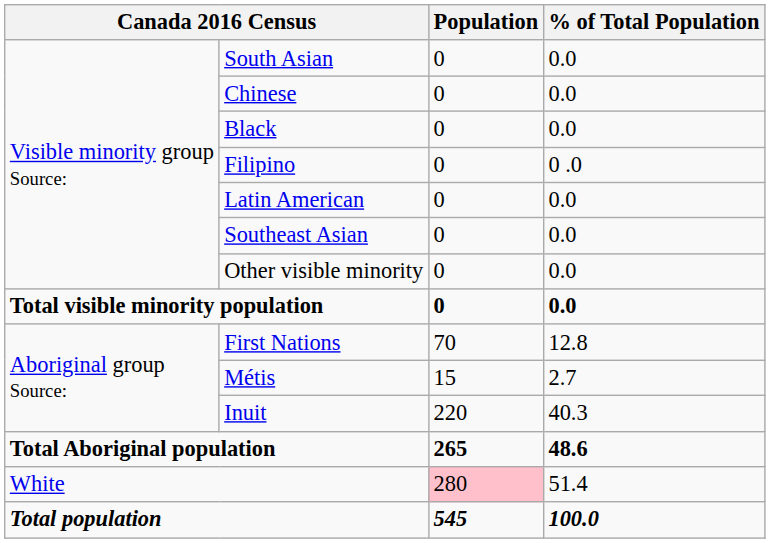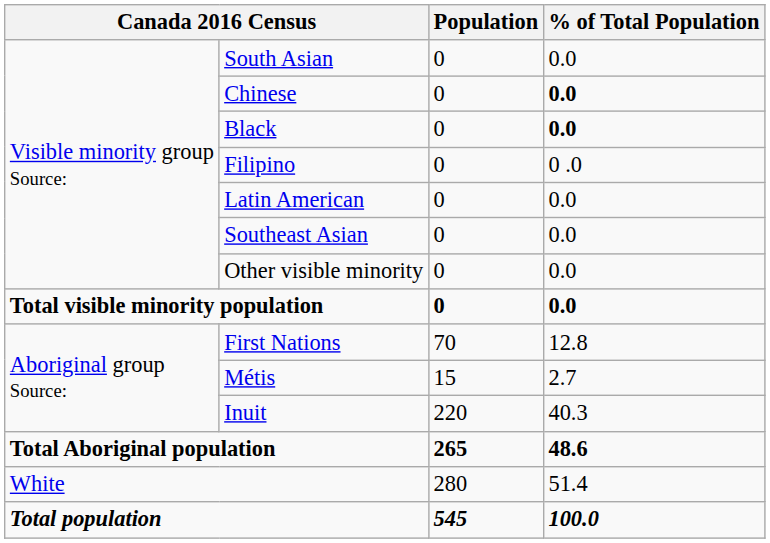 <table class="wikitable">
 <tr>
 <th colspan="2">Canada 2016 Census</th>
 <th>Population</th>
 <th>% of Total Population</th>
 </tr>
 <tr>
 <td rowspan="7"><a href='#'>Visible minority</a> group<br><small>Source:</small></td>
 <td><a href='#'>South Asian</a></td>
 <td>0</td>
 <td>0.0</td>
 </tr>
 <tr>
 <td><a href='#'>Chinese</a></td>
 <td>0</td>
-<td>0.0</td>
+<td><strong>0.0</strong></td>
 </tr>
 <tr>
 <td><a href='#'>Black</a></td>
 <td>0</td>
-<td>0.0</td>
+<td><strong>0.0</strong></td>
 </tr>
 <tr>
 <td><a href='#'>Filipino</a></td>
 <td>0</td>
 <td>0 .0</td>
 </tr>
 <tr>
 <td><a href='#'>Latin American</a></td>
 <td>0</td>
 <td>0.0</td>
 </tr>
 <tr>
 <td><a href='#'>Southeast Asian</a></td>
 <td>0</td>
 <td>0.0</td>
 </tr>
 <tr>
 <td>Other visible minority</td>
 <td>0</td>
 <td>0.0</td>
 </tr>
 <tr>
 <td colspan="2"><strong>Total visible minority population</strong></td>
 <td><strong>0</strong></td>
 <td><strong>0.0</strong></td>
 </tr>
 <tr>
 <td rowspan="3"><a href='#'>Aboriginal</a> group<br><small>Source:</small></td>
 <td><a href='#'>First Nations</a></td>
 <td>70</td>
 <td>12.8</td>
 </tr>
 <tr>
 <td><a href='#'>Métis</a></td>
 <td>15</td>
 <td>2.7</td>
 </tr>
 <tr>
 <td><a href='#'>Inuit</a></td>
 <td>220</td>
 <td>40.3</td>
 </tr>
 <tr>
 <td colspan="2"><strong>Total Aboriginal population</strong></td>
 <td><strong>265</strong></td>
 <td><strong>48.6</strong></td>
 </tr>
 <tr>
 <td colspan="2"><a href='#'>White</a></td>
-<td style="background: pink;">280</td>
+<td>280</td>
 <td>51.4</td>
 </tr>
 <tr>
 <td colspan="2"><strong><em>Total population</em></strong></td>
 <td><strong><em>545</em></strong></td>
 <td><strong><em>100.0</em></strong></td>
 </tr>
 </table>
